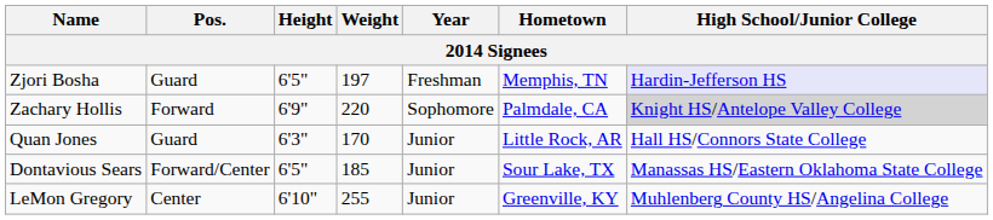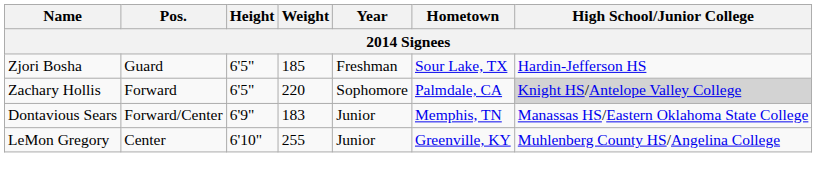 <table class="wikitable sortable">
 <tr>
 <th>Name</th>
 <th>Pos.</th>
 <th>Height</th>
 <th>Weight</th>
 <th>Year</th>
 <th>Hometown</th>
 <th class="unsortable">High School/Junior College</th>
 </tr>
 <tr>
 <th colspan=7>2014 Signees</th>
 </tr>
 <tr>
 <td sortname>Zjori Bosha</td>
 <td>Guard</td>
 <td>6'5"</td>
-<td>197</td>
+<td>185</td>
 <td>Freshman</td>
-<td><a href='#'>Memphis, TN</a></td>
-<td style="background: lavender;"><a href='#'>Hardin-Jefferson HS</a></td>
+<td><a href='#'>Sour Lake, TX</a></td>
+<td><a href='#'>Hardin-Jefferson HS</a></td>
 </tr>
 <tr>
 <td sortname>Zachary Hollis</td>
 <td>Forward</td>
-<td>6'9"</td>
+<td>6'5"</td>
 <td>220</td>
 <td>Sophomore</td>
 <td><a href='#'>Palmdale, CA</a></td>
 <td style="background: lightgrey;"><a href='#'>Knight HS</a>/<a href='#'>Antelope Valley College</a></td>
 </tr>
 <tr>
-<td sortname>Quan Jones</td>
-<td>Guard</td>
-<td>6'3"</td>
-<td>170</td>
-<td>Junior</td>
-<td><a href='#'>Little Rock, AR</a></td>
-<td><a href='#'>Hall HS</a>/<a href='#'>Connors State College</a></td>
-</tr>
-<tr>
 <td sortname>Dontavious Sears</td>
 <td>Forward/Center</td>
-<td>6'5"</td>
-<td>185</td>
+<td>6'9"</td>
+<td>183</td>
 <td>Junior</td>
-<td><a href='#'>Sour Lake, TX</a></td>
+<td><a href='#'>Memphis, TN</a></td>
 <td><a href='#'>Manassas HS</a>/<a href='#'>Eastern Oklahoma State College</a></td>
 </tr>
 <tr>
 <td sortname>LeMon Gregory</td>
 <td>Center</td>
 <td>6'10"</td>
 <td>255</td>
 <td>Junior</td>
 <td><a href='#'>Greenville, KY</a></td>
 <td><a href='#'>Muhlenberg County HS</a>/<a href='#'>Angelina College</a></td>
 </tr>
 </table>
